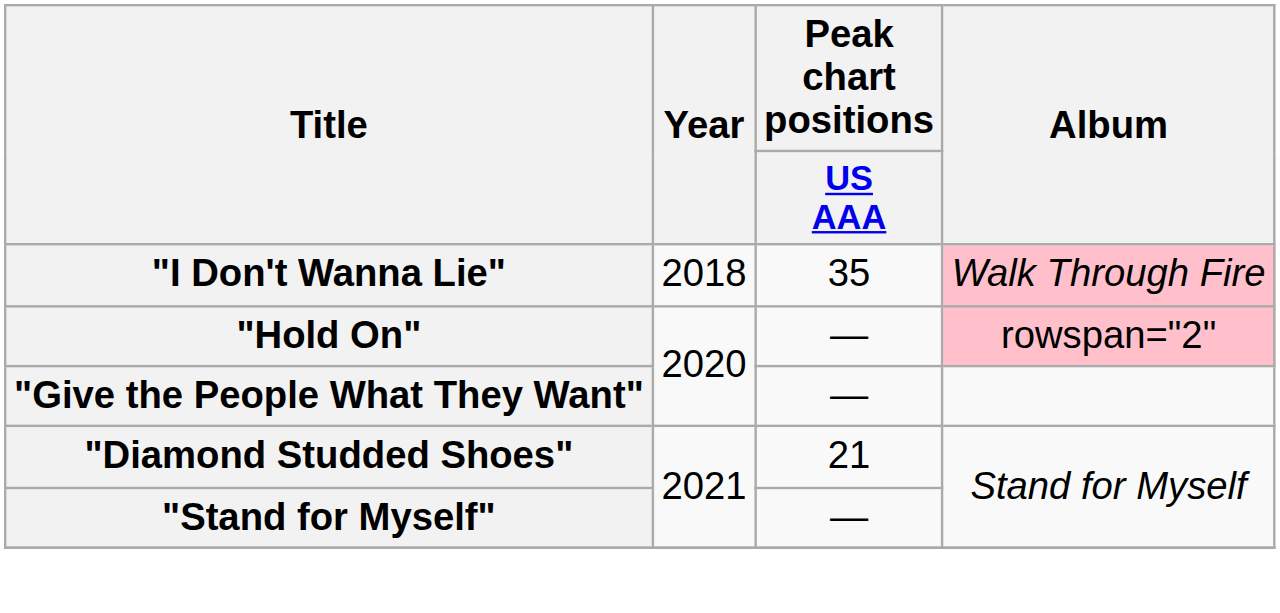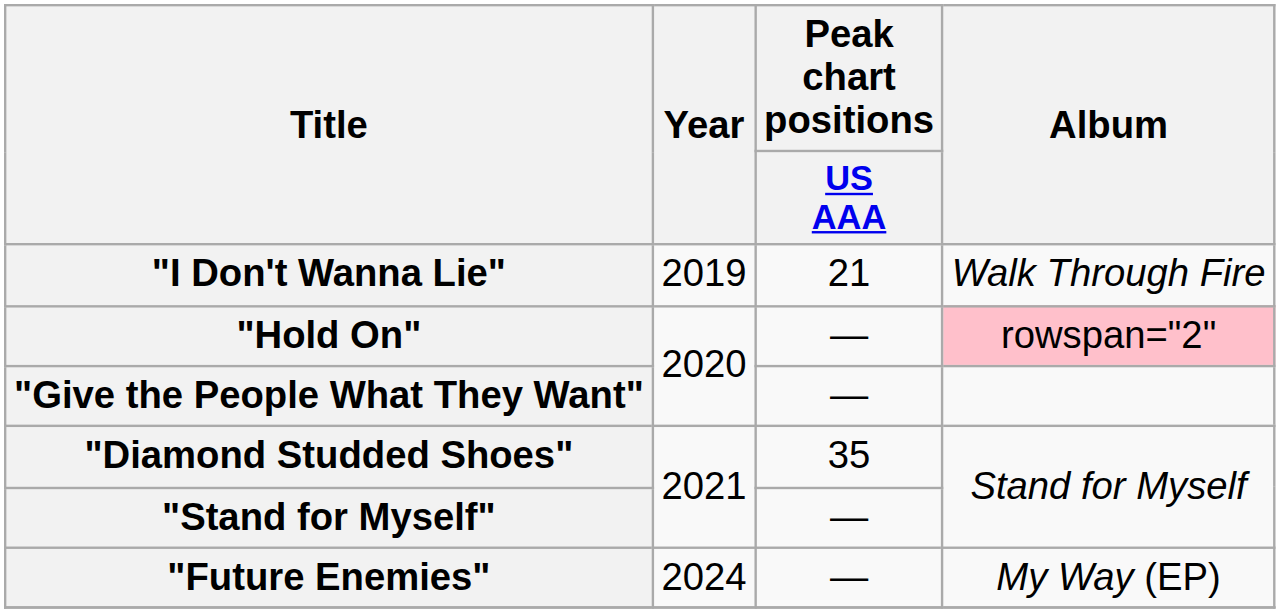 <table class="wikitable plainrowheaders" style="text-align:center;">
 <tr>
 <th rowspan="2">Title</th>
 <th rowspan="2">Year</th>
 <th>Peak<br>chart<br>positions</th>
 <th rowspan="2">Album</th>
 </tr>
 <tr>
 <th scope="col" style="width:2.5em;font-size:90%;"><a href='#'>US<br>AAA</a><br></th>
 </tr>
 <tr>
 <th scope="row">"I Don't Wanna Lie"</th>
-<td>2018</td>
-<td>35</td>
-<td style="background: pink;"><em>Walk Through Fire</em></td>
+<td>2019</td>
+<td>21</td>
+<td><em>Walk Through Fire</em></td>
 </tr>
 <tr>
 <th scope="row">"Hold On"<br></th>
 <td rowspan="2">2020</td>
 <td>—</td>
 <td style="background: pink;">rowspan="2" </td>
 </tr>
 <tr>
 <th scope="row">"Give the People What They Want"<br></th>
 <td>—</td>
 </tr>
 <tr>
 <th scope="row">"Diamond Studded Shoes"</th>
 <td rowspan="2">2021</td>
-<td>21</td>
+<td>35</td>
 <td rowspan="2"><em>Stand for Myself</em></td>
 </tr>
 <tr>
 <th scope="row">"Stand for Myself"</th>
 <td>—</td>
 </tr>
 <tr>
+<th scope="row">"Future Enemies"</th>
+<td>2024</td>
+<td>—</td>
+<td><em>My Way</em> (EP)</td>
+</tr>
+<tr>
 </tr>
 </table>
